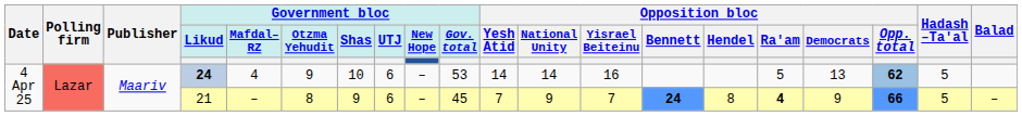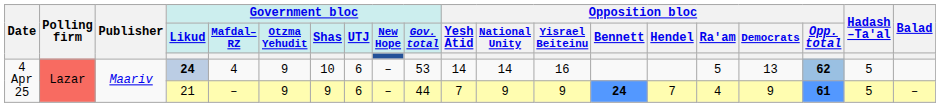 <table class="wikitable sortable" style="text-align:center;font-size:90%;line-height:12px">
 <tr>
 <th rowspan=3>Date</th>
 <th rowspan=3>Polling firm</th>
 <th rowspan=3>Publisher</th>
 <th colspan="7" style="background:#cee;"><a href='#'>Government bloc</a></th>
 <th colspan="8"><a href='#'>Opposition bloc</a></th>
 <th rowspan="2"><a href='#'>Hadash<br>–Ta'al</a></th>
 <th rowspan="2"><a href='#'>Balad</a></th>
 </tr>
 <tr>
 <th style="background:#cee"><a href='#'>Likud</a></th>
 <th style="background:#cee;font-size:90%"><a href='#'>Mafdal–<br>RZ</a></th>
 <th style="background:#cee;font-size:90%"><a href='#'>Otzma<br>Yehudit</a></th>
 <th style="background:#cee"><a href='#'>Shas</a></th>
 <th style="background:#cee"><a href='#'>UTJ</a></th>
 <th style="background:#cee;font-size:90%"><a href='#'>New<br>Hope</a></th>
 <th style="background:#cee;font-size:90%"><a href='#'><em>Gov. total</em></a></th>
 <th><a href='#'>Yesh<br>Atid</a></th>
 <th style="font-size:90%"><a href='#'>National<br>Unity</a></th>
 <th style="font-size:90%"><a href='#'>Yisrael<br>Beiteinu</a></th>
 <th><a href='#'>Bennett</a></th>
 <th><a href='#'>Hendel</a></th>
 <th><a href='#'>Ra'am</a></th>
 <th style="font-size:90%"><a href='#'>Democrats</a></th>
 <th><a href='#'><em>Opp. total</em></a></th>
 </tr>
 <tr>
 <th style="background:"></th>
 <th style="background:"></th>
 <th style="background:"></th>
 <th style="background:"></th>
 <th style="background:"></th>
 <th style="background:#235298"></th>
 <th style="background:"></th>
 <th style="background:"></th>
 <th style="background:"></th>
 <th style="background:"></th>
 <th style=background:></th>
 <th></th>
 <th style="background:"></th>
 <th style="background:"></th>
 <th style="background:"></th>
 <th style="background:"></th>
 <th style="background:"></th>
 </tr>
 <tr>
 <td rowspan=2 data-sort-value=2025-04-04>4 Apr 25</td>
 <td rowspan=2 style=background:#F86B61>Lazar</td>
 <td rowspan=2><em><a href='#'>Maariv</a></em></td>
 <td style=background:#BBCDE4><strong>24</strong></td>
 <td>4					</td>
 <td>9                  </td>
 <td>10                 </td>
 <td>6                  </td>
 <td>–                  </td>
 <td>53                 </td>
 <td>14                 </td>
 <td>14                 </td>
 <td>16                 </td>
 <td></td>
 <td></td>
 <td>5                  </td>
 <td>13                 </td>
 <td style=background:#9ac0e2><strong>62</strong></td>
 <td>5                  </td>
 <td>   </td>
 </tr>
 <tr>
 <td style=background:#fffdb0>21 </td>
 <td style=background:#fffdb0>–	</td>
-<td style=background:#fffdb0>8                 </td>
+<td style=background:#fffdb0>9                 </td>
 <td style=background:#fffdb0>9                 </td>
 <td style=background:#fffdb0>6                  </td>
 <td style=background:#fffdb0>–                  </td>
-<td style=background:#fffdb0>45                  </td>
+<td style=background:#fffdb0>44                  </td>
 <td style=background:#fffdb0>7                 </td>
 <td style=background:#fffdb0>9                 </td>
-<td style=background:#fffdb0>7                 </td>
+<td style=background:#fffdb0>9                 </td>
 <td style=background:#5398ff><strong>24</strong> </td>
-<td style=background:#fffdb0>8 </td>
-<td style=background:#fffdb0><strong>4                  </strong></td>
+<td style=background:#fffdb0>7 </td>
+<td style=background:#fffdb0>4                  </td>
 <td style=background:#fffdb0>9                 </td>
-<td style=background:#5398ff><strong>66</strong></td>
+<td style=background:#5398ff><strong>61</strong></td>
 <td style=background:#fffdb0>5                  </td>
 <td style=background:#fffdb0>–   </td>
 </tr>
 </table>
